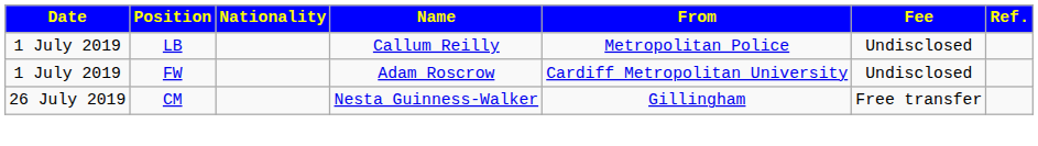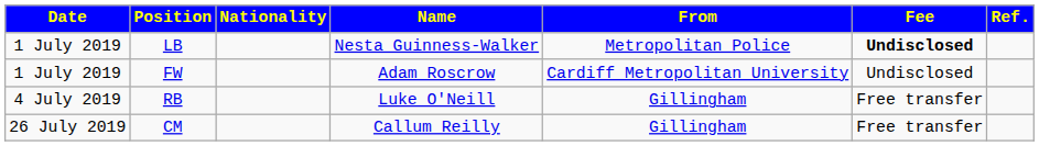 <table class="wikitable"  style="text-align:center; font-size:90%; ">
 <tr>
 <th style="background:#0000ff; color:#FFFF00; ">Date</th>
 <th style="background:#0000ff; color:#FFFF00; ">Position</th>
 <th style="background:#0000ff; color:#FFFF00; ">Nationality</th>
 <th style="background:#0000ff; color:#FFFF00; ">Name</th>
 <th style="background:#0000ff; color:#FFFF00; ">From</th>
 <th style="background:#0000ff; color:#FFFF00; ">Fee</th>
 <th style="background:#0000ff; color:#FFFF00; ">Ref.</th>
 </tr>
 <tr>
 <td>1 July 2019</td>
 <td><a href='#'>LB</a></td>
 <td></td>
-<td><a href='#'>Callum Reilly</a></td>
+<td><a href='#'>Nesta Guinness-Walker</a></td>
 <td> <a href='#'>Metropolitan Police</a></td>
-<td>Undisclosed</td>
+<td><strong>Undisclosed</strong></td>
 <td></td>
 </tr>
 <tr>
 <td>1 July 2019</td>
 <td><a href='#'>FW</a></td>
 <td></td>
 <td><a href='#'>Adam Roscrow</a></td>
 <td> <a href='#'>Cardiff Metropolitan University</a></td>
 <td>Undisclosed</td>
 <td></td>
 </tr>
 <tr>
+<td>4 July 2019</td>
+<td><a href='#'>RB</a></td>
+<td></td>
+<td><a href='#'>Luke O'Neill</a></td>
+<td> <a href='#'>Gillingham</a></td>
+<td>Free transfer</td>
+<td></td>
+</tr>
+<tr>
 <td>26 July 2019</td>
 <td><a href='#'>CM</a></td>
 <td></td>
-<td><a href='#'>Nesta Guinness-Walker</a></td>
+<td><a href='#'>Callum Reilly</a></td>
 <td> <a href='#'>Gillingham</a></td>
 <td>Free transfer</td>
 <td></td>
 </tr>
 </table>
